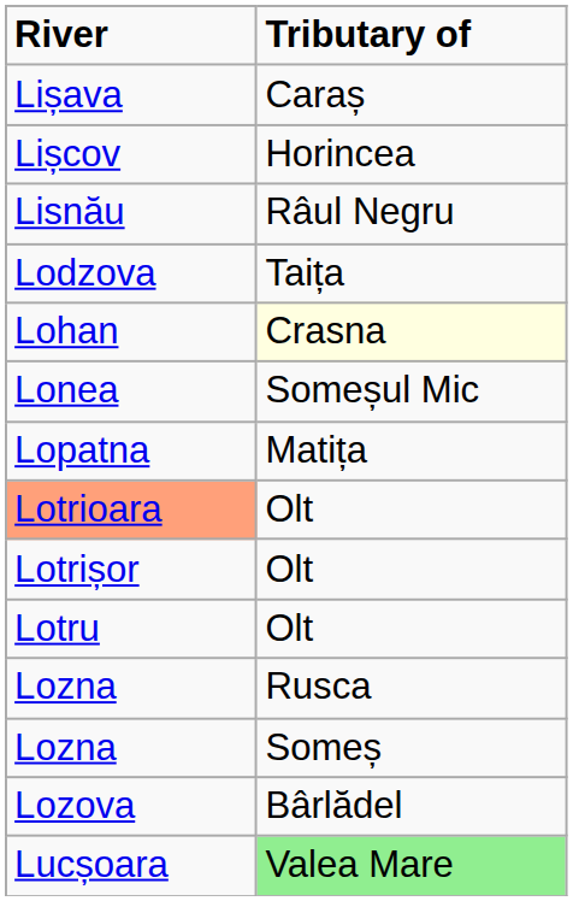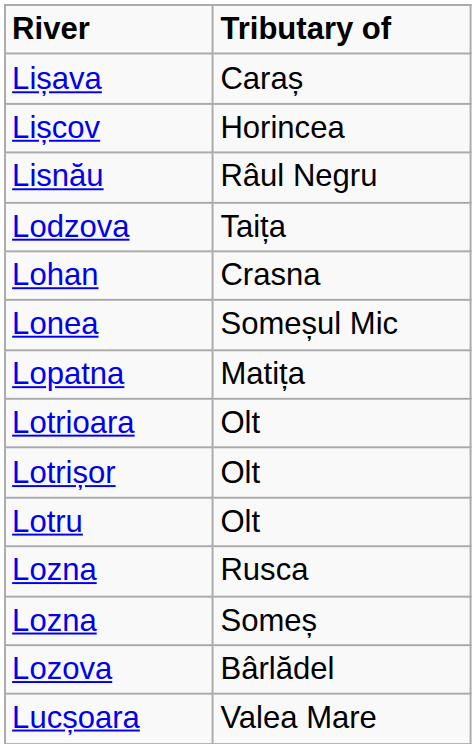 <table class="wikitable">
 <tr>
 <td width="100pt"><strong>River</strong></td>
 <td width="125pt"><strong>Tributary of</strong></td>
 </tr>
 <tr>
 <td><a href='#'>Lișava</a></td>
 <td>Caraș</td>
 </tr>
 <tr>
 <td><a href='#'>Lișcov</a></td>
 <td>Horincea</td>
 </tr>
 <tr>
 <td><a href='#'>Lisnău</a></td>
 <td>Râul Negru</td>
 </tr>
 <tr>
 <td><a href='#'>Lodzova</a></td>
 <td>Taița</td>
 </tr>
 <tr>
 <td><a href='#'>Lohan</a></td>
-<td style="background: lightyellow;">Crasna</td>
+<td>Crasna</td>
 </tr>
 <tr>
 <td><a href='#'>Lonea</a></td>
 <td>Someșul Mic</td>
 </tr>
 <tr>
 <td><a href='#'>Lopatna</a></td>
 <td>Matița</td>
 </tr>
 <tr>
-<td style="background: lightsalmon;"><a href='#'>Lotrioara</a></td>
+<td><a href='#'>Lotrioara</a></td>
 <td>Olt</td>
 </tr>
 <tr>
 <td><a href='#'>Lotrișor</a></td>
 <td>Olt</td>
 </tr>
 <tr>
 <td><a href='#'>Lotru</a></td>
 <td>Olt</td>
 </tr>
 <tr>
 <td><a href='#'>Lozna</a></td>
 <td>Rusca</td>
 </tr>
 <tr>
 <td><a href='#'>Lozna</a></td>
 <td>Someș</td>
 </tr>
 <tr>
 <td><a href='#'>Lozova</a></td>
 <td>Bârlădel</td>
 </tr>
 <tr>
 <td><a href='#'>Lucșoara</a></td>
-<td style="background: lightgreen;">Valea Mare</td>
+<td>Valea Mare</td>
 </tr>
 </table>
